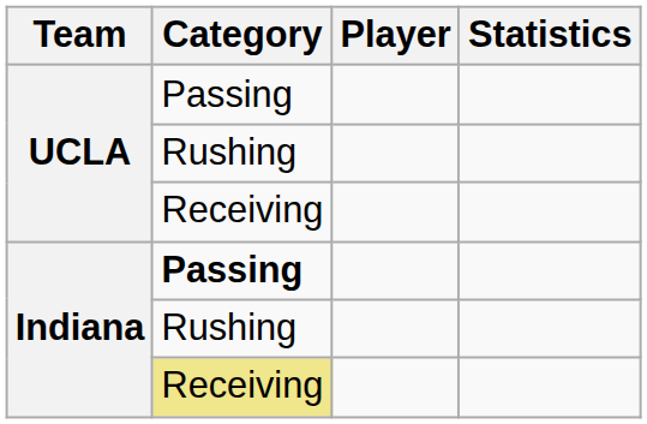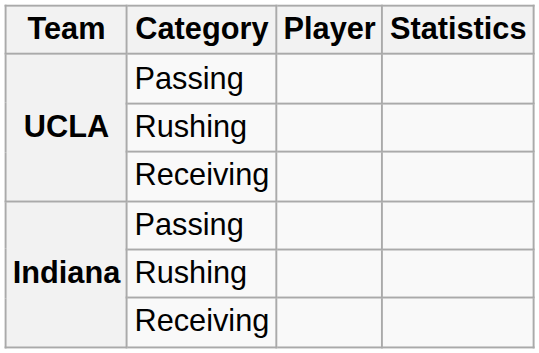 <table class="wikitable" style="float:right">
 <tr>
 <th>Team</th>
 <th>Category</th>
 <th>Player</th>
 <th>Statistics</th>
 </tr>
 <tr>
 <th rowspan=3>UCLA</th>
 <td>Passing</td>
 <td></td>
 <td></td>
 </tr>
 <tr>
 <td>Rushing</td>
 <td></td>
 <td></td>
 </tr>
 <tr>
 <td>Receiving</td>
 <td></td>
 <td></td>
 </tr>
 <tr>
 <th rowspan=3>Indiana</th>
-<td><strong>Passing</strong></td>
+<td>Passing</td>
 <td></td>
 <td></td>
 </tr>
 <tr>
 <td>Rushing</td>
 <td></td>
 <td></td>
 </tr>
 <tr>
-<td style="background: khaki;">Receiving</td>
+<td>Receiving</td>
 <td></td>
 <td></td>
 </tr>
 </table>
